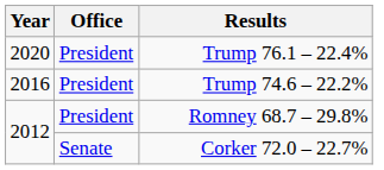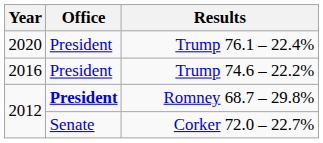 <table class=wikitable>
 <tr>
 <th width="30">Year</th>
 <th width="60">Office</th>
 <th width="180">Results</th>
 </tr>
 <tr>
 <td>2020</td>
 <td><a href='#'>President</a></td>
 <td align="right" ><a href='#'>Trump</a> 76.1 – 22.4%</td>
 </tr>
 <tr>
 <td>2016</td>
 <td><a href='#'>President</a></td>
 <td align="right" ><a href='#'>Trump</a> 74.6 – 22.2%</td>
 </tr>
 <tr>
 <td rowspan="2">2012</td>
-<td><a href='#'>President</a></td>
+<td><strong><a href='#'>President</a></strong></td>
 <td align="right" ><a href='#'>Romney</a> 68.7 – 29.8%</td>
 </tr>
 <tr>
 <td><a href='#'>Senate</a></td>
 <td align="right" ><a href='#'>Corker</a> 72.0 – 22.7%</td>
 </tr>
 </table>
